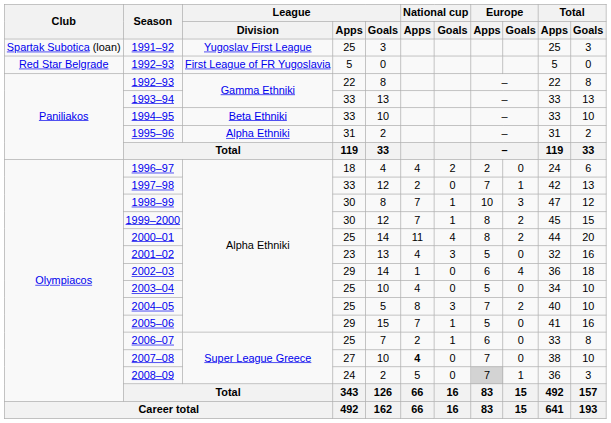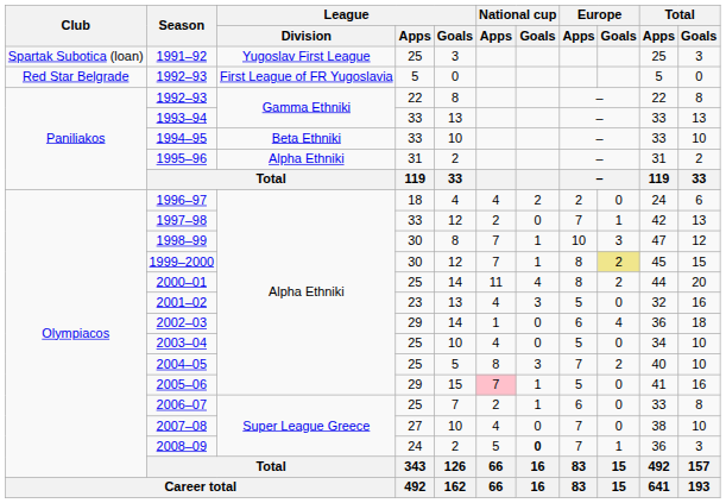 <table class="wikitable" style="text-align:center">
 <tr>
 <th rowspan="2">Club</th>
 <th rowspan="2">Season</th>
 <th colspan="3">League</th>
 <th colspan="2">National cup</th>
 <th colspan="2">Europe</th>
 <th colspan="2">Total</th>
 </tr>
 <tr>
 <th>Division</th>
 <th>Apps</th>
 <th>Goals</th>
 <th>Apps</th>
 <th>Goals</th>
 <th>Apps</th>
 <th>Goals</th>
 <th>Apps</th>
 <th>Goals</th>
 </tr>
 <tr>
 <td><a href='#'>Spartak Subotica</a> (loan)</td>
 <td><a href='#'>1991–92</a></td>
 <td><a href='#'>Yugoslav First League</a></td>
 <td>25</td>
 <td>3</td>
 <td></td>
 <td></td>
 <td></td>
 <td></td>
 <td>25</td>
 <td>3</td>
 </tr>
 <tr>
 <td><a href='#'>Red Star Belgrade</a></td>
 <td><a href='#'>1992–93</a></td>
 <td><a href='#'>First League of FR Yugoslavia</a></td>
 <td>5</td>
 <td>0</td>
 <td></td>
 <td></td>
 <td></td>
 <td></td>
 <td>5</td>
 <td>0</td>
 </tr>
 <tr>
 <td rowspan="5"><a href='#'>Paniliakos</a></td>
 <td><a href='#'>1992–93</a></td>
 <td rowspan="2"><a href='#'>Gamma Ethniki</a></td>
 <td>22</td>
 <td>8</td>
 <td></td>
 <td></td>
 <td colspan="2">–</td>
 <td>22</td>
 <td>8</td>
 </tr>
 <tr>
 <td><a href='#'>1993–94</a></td>
 <td>33</td>
 <td>13</td>
 <td></td>
 <td></td>
 <td colspan="2">–</td>
 <td>33</td>
 <td>13</td>
 </tr>
 <tr>
 <td><a href='#'>1994–95</a></td>
 <td><a href='#'>Beta Ethniki</a></td>
 <td>33</td>
 <td>10</td>
 <td></td>
 <td></td>
 <td colspan="2">–</td>
 <td>33</td>
 <td>10</td>
 </tr>
 <tr>
 <td><a href='#'>1995–96</a></td>
 <td><a href='#'>Alpha Ethniki</a></td>
 <td>31</td>
 <td>2</td>
 <td></td>
 <td></td>
 <td colspan="2">–</td>
 <td>31</td>
 <td>2</td>
 </tr>
 <tr>
 <th colspan="2">Total</th>
 <th>119</th>
 <th>33</th>
 <th></th>
 <th></th>
 <th colspan="2">–</th>
 <th>119</th>
 <th>33</th>
 </tr>
 <tr>
 <td rowspan="14"><a href='#'>Olympiacos</a></td>
 <td><a href='#'>1996–97</a></td>
 <td rowspan="10">Alpha Ethniki</td>
 <td>18</td>
 <td>4</td>
 <td>4</td>
 <td>2</td>
 <td>2</td>
 <td>0</td>
 <td>24</td>
 <td>6</td>
 </tr>
 <tr>
 <td><a href='#'>1997–98</a></td>
 <td>33</td>
 <td>12</td>
 <td>2</td>
 <td>0</td>
 <td>7</td>
 <td>1</td>
 <td>42</td>
 <td>13</td>
 </tr>
 <tr>
 <td><a href='#'>1998–99</a></td>
 <td>30</td>
 <td>8</td>
 <td>7</td>
 <td>1</td>
 <td>10</td>
 <td>3</td>
 <td>47</td>
 <td>12</td>
 </tr>
 <tr>
 <td><a href='#'>1999–2000</a></td>
 <td>30</td>
 <td>12</td>
 <td>7</td>
 <td>1</td>
 <td>8</td>
-<td>2</td>
+<td style="background: khaki;">2</td>
 <td>45</td>
 <td>15</td>
 </tr>
 <tr>
 <td><a href='#'>2000–01</a></td>
 <td>25</td>
 <td>14</td>
 <td>11</td>
 <td>4</td>
 <td>8</td>
 <td>2</td>
 <td>44</td>
 <td>20</td>
 </tr>
 <tr>
 <td><a href='#'>2001–02</a></td>
 <td>23</td>
 <td>13</td>
 <td>4</td>
 <td>3</td>
 <td>5</td>
 <td>0</td>
 <td>32</td>
 <td>16</td>
 </tr>
 <tr>
 <td><a href='#'>2002–03</a></td>
 <td>29</td>
 <td>14</td>
 <td>1</td>
 <td>0</td>
 <td>6</td>
 <td>4</td>
 <td>36</td>
 <td>18</td>
 </tr>
 <tr>
 <td><a href='#'>2003–04</a></td>
 <td>25</td>
 <td>10</td>
 <td>4</td>
 <td>0</td>
 <td>5</td>
 <td>0</td>
 <td>34</td>
 <td>10</td>
 </tr>
 <tr>
 <td><a href='#'>2004–05</a></td>
 <td>25</td>
 <td>5</td>
 <td>8</td>
 <td>3</td>
 <td>7</td>
 <td>2</td>
 <td>40</td>
 <td>10</td>
 </tr>
 <tr>
 <td><a href='#'>2005–06</a></td>
 <td>29</td>
 <td>15</td>
-<td>7</td>
+<td style="background: pink;">7</td>
 <td>1</td>
 <td>5</td>
 <td>0</td>
 <td>41</td>
 <td>16</td>
 </tr>
 <tr>
 <td><a href='#'>2006–07</a></td>
 <td rowspan="3"><a href='#'>Super League Greece</a></td>
 <td>25</td>
 <td>7</td>
 <td>2</td>
 <td>1</td>
 <td>6</td>
 <td>0</td>
 <td>33</td>
 <td>8</td>
 </tr>
 <tr>
 <td><a href='#'>2007–08</a></td>
 <td>27</td>
 <td>10</td>
-<td><strong>4</strong></td>
+<td>4</td>
 <td>0</td>
 <td>7</td>
 <td>0</td>
 <td>38</td>
 <td>10</td>
 </tr>
 <tr>
 <td><a href='#'>2008–09</a></td>
 <td>24</td>
 <td>2</td>
 <td>5</td>
-<td>0</td>
-<td style="background: lightgrey;">7</td>
+<td><strong>0</strong></td>
+<td>7</td>
 <td>1</td>
 <td>36</td>
 <td>3</td>
 </tr>
 <tr>
 <th colspan="2">Total</th>
 <th>343</th>
 <th>126</th>
 <th>66</th>
 <th>16</th>
 <th>83</th>
 <th>15</th>
 <th>492</th>
 <th>157</th>
 </tr>
 <tr>
 <th colspan="3">Career total</th>
 <th>492</th>
 <th>162</th>
 <th>66</th>
 <th>16</th>
 <th>83</th>
 <th>15</th>
 <th>641</th>
 <th>193</th>
 </tr>
 </table>
